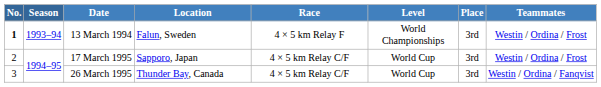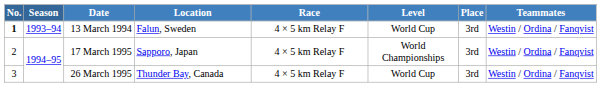 <table class="wikitable sortable" style="font-size:95%; text-align:center; border:grey solid 1px; border-collapse:collapse; background:#ffffff;">
 <tr style="background:#efefef;">
 <th style="background-color:#369; color:white;">No.</th>
 <th style="background-color:#369; color:white;">Season</th>
 <th style="background-color:#4180be; color:white; width:100px;">Date</th>
 <th style="background-color:#4180be; color:white; width:170px;">Location</th>
 <th style="background-color:#4180be; color:white; width:170px;">Race</th>
 <th style="background-color:#4180be; color:white; width:130px;">Level</th>
 <th style="background-color:#4180be; color:white;">Place</th>
 <th style="background-color:#4180be; color:white;">Teammates</th>
 </tr>
 <tr>
 <td align=center><strong>1</strong></td>
 <td rowspan=1 align=center><a href='#'>1993–94</a></td>
 <td align=right>13 March 1994</td>
 <td align=left> <a href='#'>Falun</a>, Sweden</td>
 <td>4 × 5 km Relay F</td>
-<td>World Championships</td>
+<td>World Cup</td>
 <td>3rd</td>
-<td><a href='#'>Westin</a> / <a href='#'>Ordina</a> / <a href='#'>Frost</a></td>
+<td><a href='#'>Westin</a> / <a href='#'>Ordina</a> / <a href='#'>Fanqvist</a></td>
 </tr>
 <tr>
 <td align=center>2</td>
 <td rowspan=2 align=center><a href='#'>1994–95</a></td>
 <td align=right>17 March 1995</td>
 <td align=left> <a href='#'>Sapporo</a>, Japan</td>
-<td>4 × 5 km Relay C/F</td>
-<td>World Cup</td>
+<td>4 × 5 km Relay F</td>
+<td>World Championships</td>
 <td>3rd</td>
-<td><a href='#'>Westin</a> / <a href='#'>Ordina</a> / <a href='#'>Frost</a></td>
+<td><a href='#'>Westin</a> / <a href='#'>Ordina</a> / <a href='#'>Fanqvist</a></td>
 </tr>
 <tr>
 <td align=center>3</td>
 <td align=right>26 March 1995</td>
 <td align=left> <a href='#'>Thunder Bay</a>, Canada</td>
-<td>4 × 5 km Relay C/F</td>
+<td>4 × 5 km Relay F</td>
 <td>World Cup</td>
 <td>3rd</td>
 <td><a href='#'>Westin</a> / <a href='#'>Ordina</a> / <a href='#'>Fanqvist</a></td>
 </tr>
 </table>
